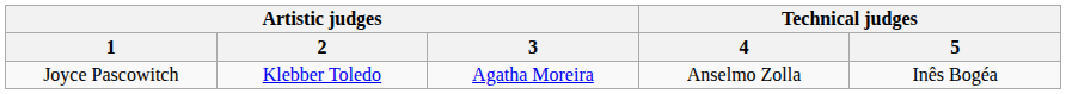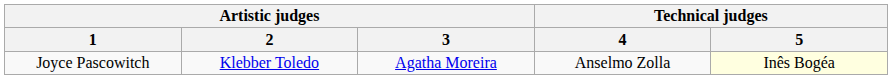 <table class="wikitable" style="font-size:100%; line-height:16px; text-align:center" width="100%">
 <tr>
 <th colspan=3>Artistic judges</th>
 <th colspan=2>Technical judges</th>
 </tr>
 <tr>
 <th style="width:20.0%;">1</th>
 <th style="width:20.0%;">2</th>
 <th style="width:20.0%;">3</th>
 <th style="width:20.0%;">4</th>
 <th style="width:20.0%;">5</th>
 </tr>
 <tr>
 <td>Joyce Pascowitch</td>
 <td><a href='#'>Klebber Toledo</a></td>
 <td><a href='#'>Agatha Moreira</a></td>
 <td>Anselmo Zolla</td>
-<td>Inês Bogéa</td>
+<td style="background: lightyellow;">Inês Bogéa</td>
 </tr>
 <tr>
 </tr>
 </table>
